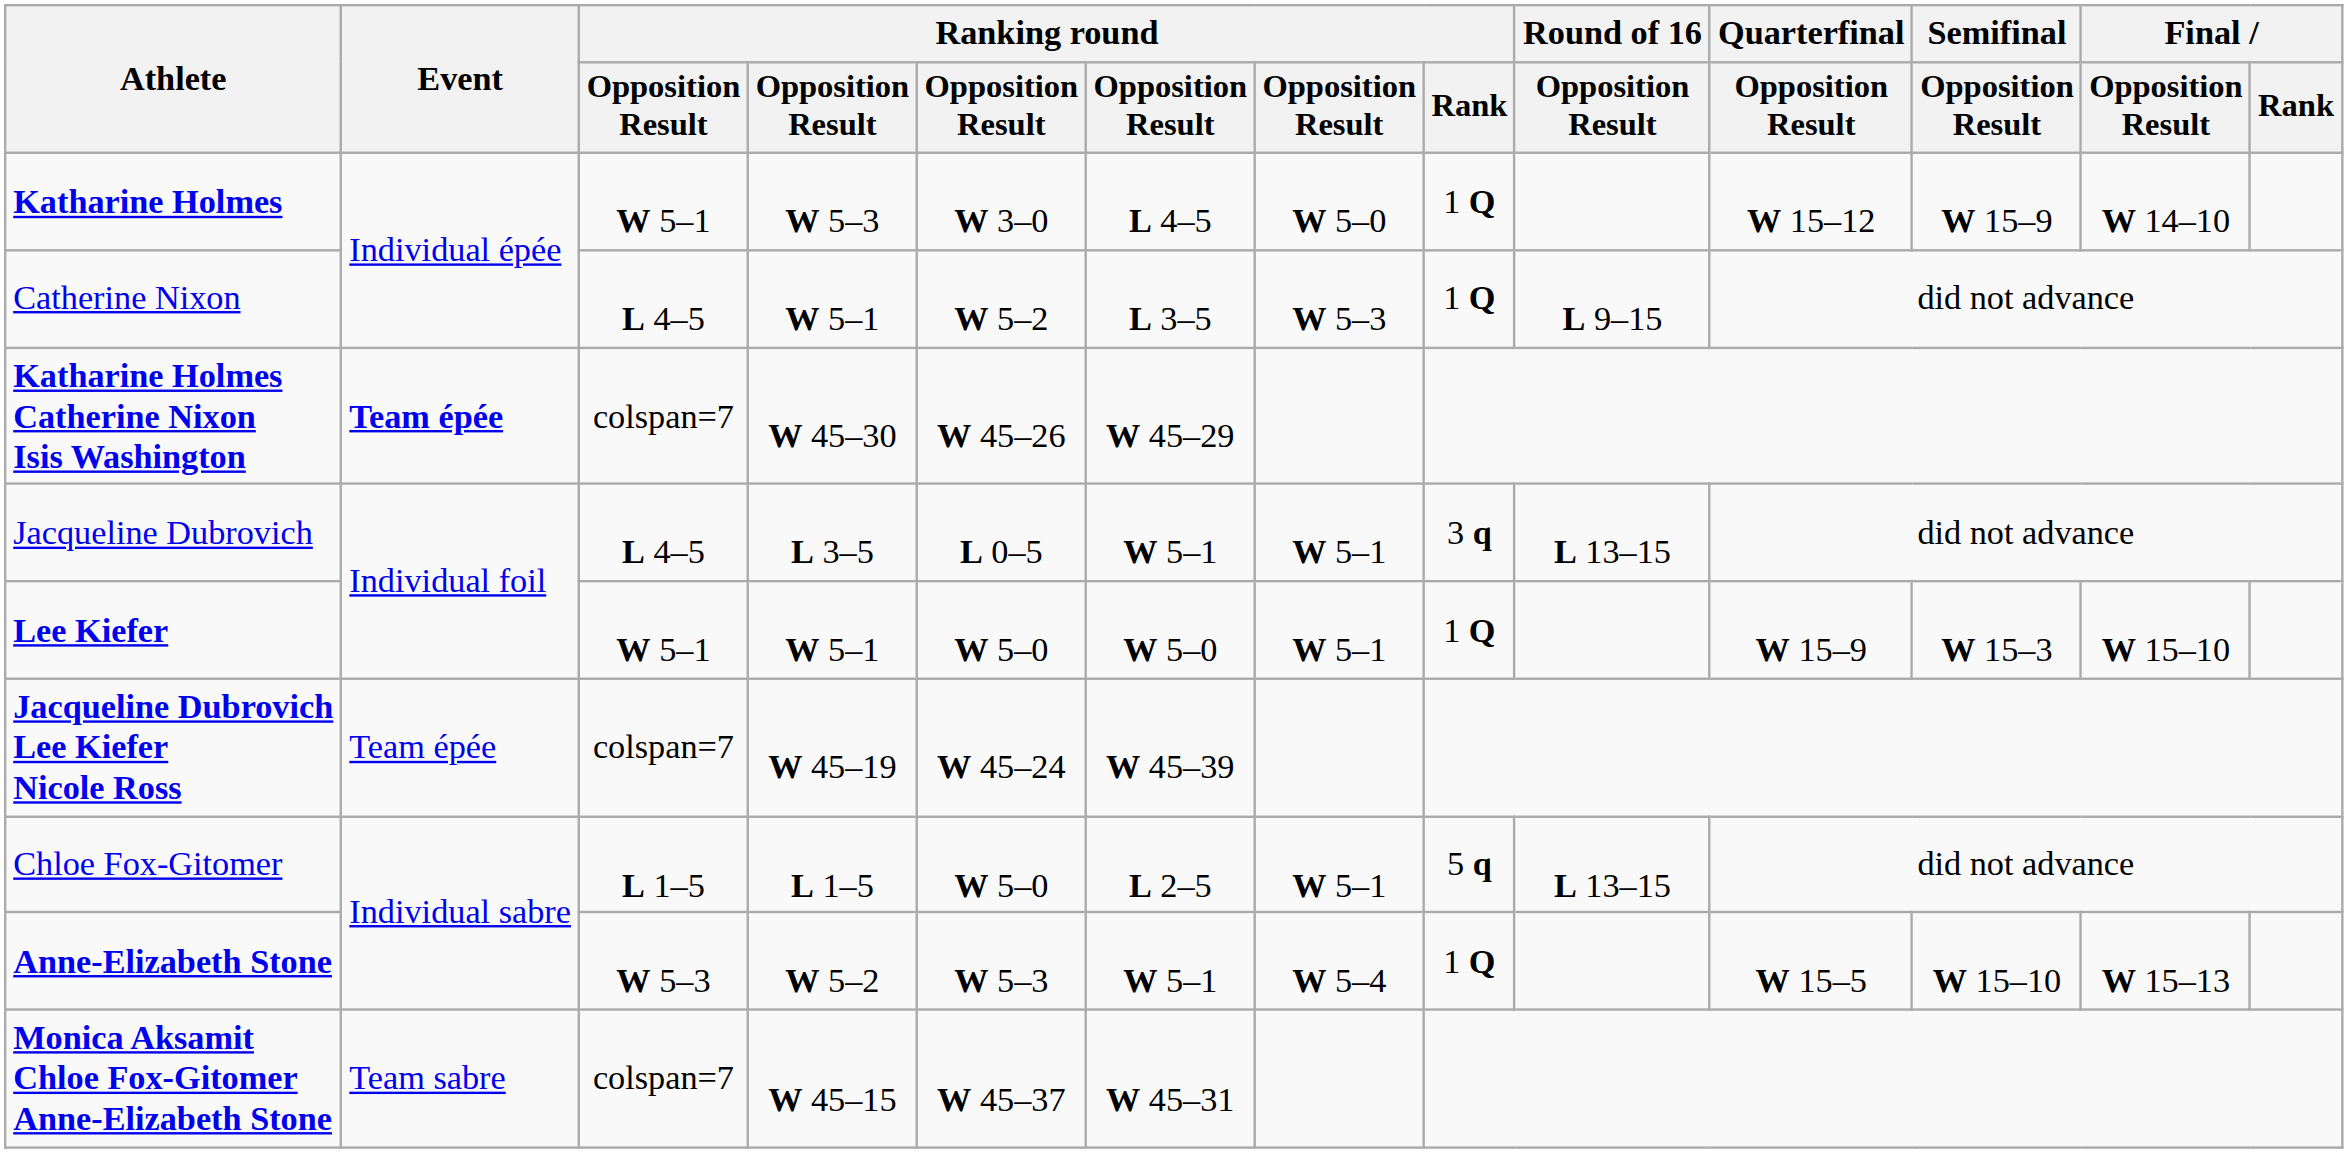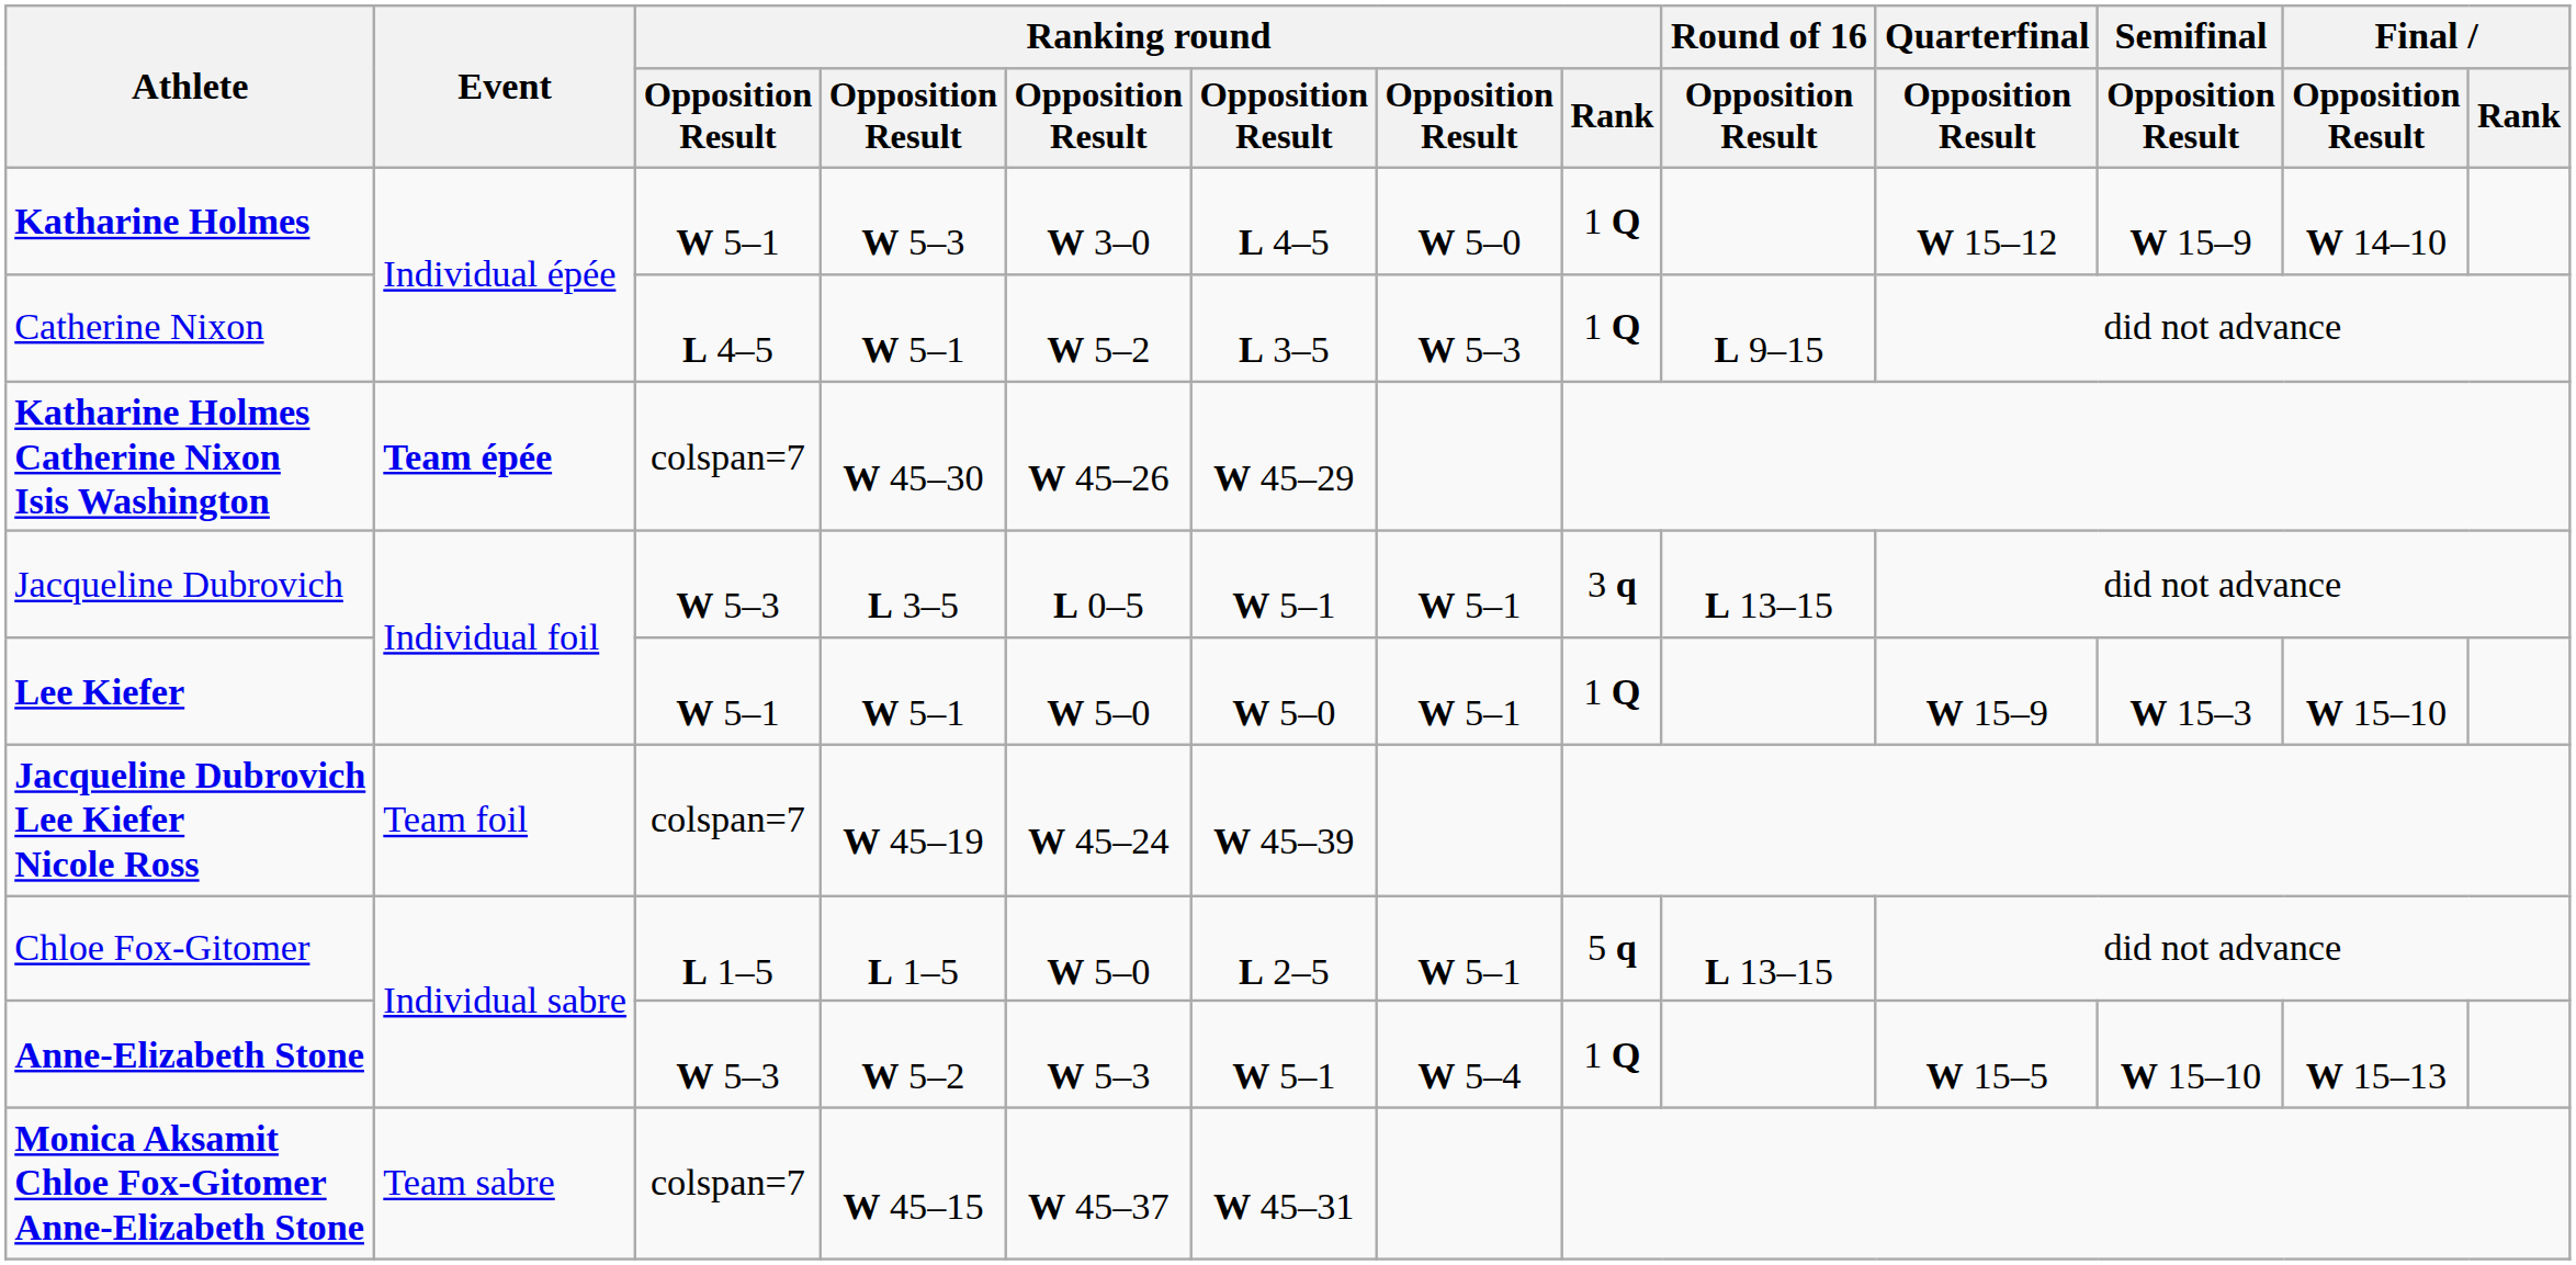 <table class=wikitable style=font-size:90%;text-align:center>
 <tr>
 <th rowspan=2>Athlete</th>
 <th rowspan=2>Event</th>
 <th colspan=6>Ranking round</th>
 <th>Round of 16</th>
 <th>Quarterfinal</th>
 <th>Semifinal</th>
 <th colspan=2>Final / </th>
 </tr>
 <tr style=font-size:95%>
 <th>Opposition<br>Result</th>
 <th>Opposition<br>Result</th>
 <th>Opposition<br>Result</th>
 <th>Opposition<br>Result</th>
 <th>Opposition<br>Result</th>
 <th>Rank</th>
 <th>Opposition<br>Result</th>
 <th>Opposition<br>Result</th>
 <th>Opposition<br>Result</th>
 <th>Opposition<br>Result</th>
 <th>Rank</th>
 </tr>
 <tr>
 <td align=left><strong><a href='#'>Katharine Holmes</a></strong></td>
 <td align=left rowspan=2><a href='#'>Individual épée</a></td>
 <td><br><strong>W</strong> 5–1</td>
 <td><br><strong>W</strong> 5–3</td>
 <td><br><strong>W</strong> 3–0</td>
 <td><br><strong>L</strong> 4–5</td>
 <td><br><strong>W</strong> 5–0</td>
 <td>1 <strong>Q</strong></td>
 <td></td>
 <td><br><strong>W</strong> 15–12</td>
 <td><br><strong>W</strong> 15–9</td>
 <td><br><strong>W</strong> 14–10</td>
 <td></td>
 </tr>
 <tr>
 <td align=left><a href='#'>Catherine Nixon</a></td>
 <td><br><strong>L</strong> 4–5</td>
 <td><br><strong>W</strong> 5–1</td>
 <td><br><strong>W</strong> 5–2</td>
 <td><br><strong>L</strong> 3–5</td>
 <td><br><strong>W</strong> 5–3</td>
 <td>1 <strong>Q</strong></td>
 <td><br><strong>L</strong> 9–15</td>
 <td colspan=4>did not advance</td>
 </tr>
 <tr>
 <td align=left><strong><a href='#'>Katharine Holmes</a><br><a href='#'>Catherine Nixon</a><br><a href='#'>Isis Washington</a></strong></td>
 <td align=left><strong><a href='#'>Team épée</a></strong></td>
 <td>colspan=7 </td>
 <td><br><strong>W</strong> 45–30</td>
 <td><br><strong>W</strong> 45–26</td>
 <td><br><strong>W</strong> 45–29</td>
 <td></td>
 </tr>
 <tr>
 <td align=left><a href='#'>Jacqueline Dubrovich</a></td>
 <td align=left rowspan=2><a href='#'>Individual foil</a></td>
-<td><br><strong>L</strong> 4–5</td>
+<td><br><strong>W</strong> 5–3</td>
 <td><br><strong>L</strong> 3–5</td>
 <td><br><strong>L</strong> 0–5</td>
 <td><br><strong>W</strong> 5–1</td>
 <td><br><strong>W</strong> 5–1</td>
 <td>3 <strong>q</strong></td>
 <td><br><strong>L</strong> 13–15</td>
 <td colspan=4>did not advance</td>
 </tr>
 <tr>
 <td align=left><strong><a href='#'>Lee Kiefer</a></strong></td>
 <td><br><strong>W</strong> 5–1</td>
 <td><br><strong>W</strong> 5–1</td>
 <td><br><strong>W</strong> 5–0</td>
 <td><br><strong>W</strong> 5–0</td>
 <td><br><strong>W</strong> 5–1</td>
 <td>1 <strong>Q</strong></td>
 <td></td>
 <td><br><strong>W</strong> 15–9</td>
 <td><br><strong>W</strong> 15–3</td>
 <td><br><strong>W</strong> 15–10</td>
 <td></td>
 </tr>
 <tr>
 <td align=left><strong><a href='#'>Jacqueline Dubrovich</a><br><a href='#'>Lee Kiefer</a><br><a href='#'>Nicole Ross</a></strong></td>
-<td align=left><a href='#'>Team épée</a></td>
+<td align=left><a href='#'>Team foil</a></td>
 <td>colspan=7 </td>
 <td><br><strong>W</strong> 45–19</td>
 <td><br><strong>W</strong> 45–24</td>
 <td><br><strong>W</strong> 45–39</td>
 <td></td>
 </tr>
 <tr>
 <td align=left><a href='#'>Chloe Fox-Gitomer</a></td>
 <td align=left rowspan=2><a href='#'>Individual sabre</a></td>
 <td><br><strong>L</strong> 1–5</td>
 <td><br><strong>L</strong> 1–5</td>
 <td><br><strong>W</strong> 5–0</td>
 <td><br><strong>L</strong> 2–5</td>
 <td><br><strong>W</strong> 5–1</td>
 <td>5 <strong>q</strong></td>
 <td><br><strong>L</strong> 13–15</td>
 <td colspan=4>did not advance</td>
 </tr>
 <tr>
 <td align=left><strong><a href='#'>Anne-Elizabeth Stone</a></strong></td>
 <td><br><strong>W</strong> 5–3</td>
 <td><br><strong>W</strong> 5–2</td>
 <td><br><strong>W</strong> 5–3</td>
 <td><br><strong>W</strong> 5–1</td>
 <td><br><strong>W</strong> 5–4</td>
 <td>1 <strong>Q</strong></td>
 <td></td>
 <td><br><strong>W</strong> 15–5</td>
 <td><br><strong>W</strong> 15–10</td>
 <td><br><strong>W</strong> 15–13</td>
 <td></td>
 </tr>
 <tr>
 <td align=left><strong><a href='#'>Monica Aksamit</a><br><a href='#'>Chloe Fox-Gitomer</a><br><a href='#'>Anne-Elizabeth Stone</a></strong></td>
 <td align=left><a href='#'>Team sabre</a></td>
 <td>colspan=7 </td>
 <td><br><strong>W</strong> 45–15</td>
 <td><br><strong>W</strong> 45–37</td>
 <td><br><strong>W</strong> 45–31</td>
 <td></td>
 </tr>
 </table>
